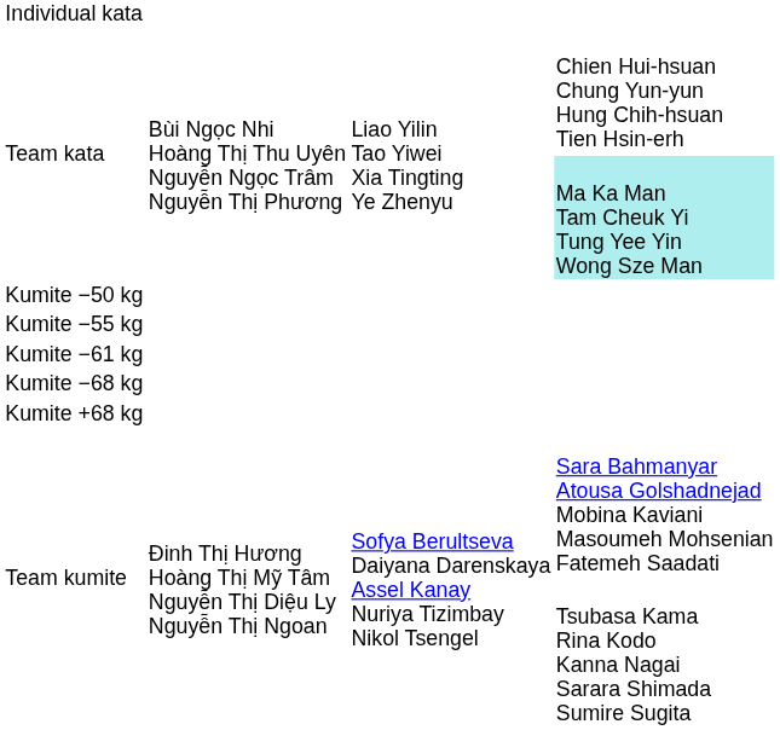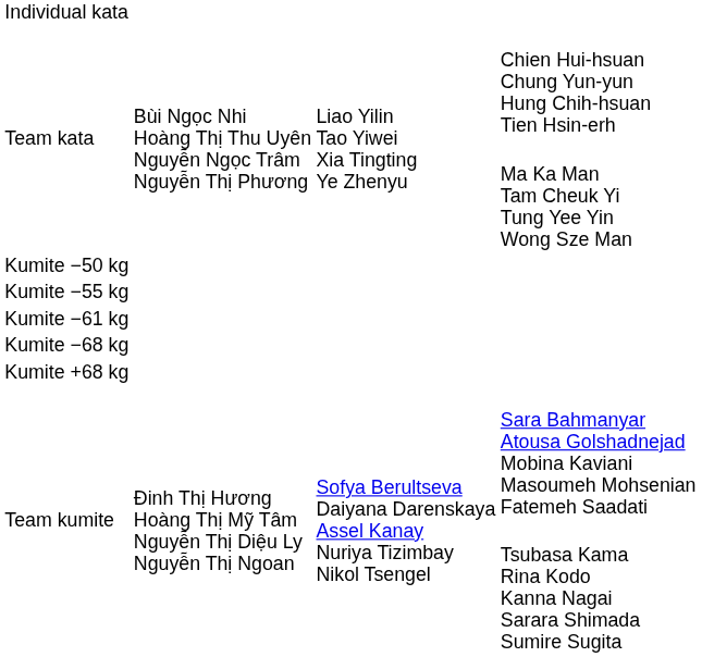 <table>
 <tr>
 <td rowspan=2>Individual kata</td>
 <td rowspan=2></td>
 <td rowspan=2></td>
 <td></td>
 </tr>
 <tr>
 <td></td>
 </tr>
 <tr>
 <td rowspan=2>Team kata</td>
 <td rowspan=2><br>Bùi Ngọc Nhi<br>Hoàng Thị Thu Uyên<br>Nguyễn Ngọc Trâm<br>Nguyễn Thị Phương</td>
 <td rowspan=2><br>Liao Yilin<br>Tao Yiwei<br>Xia Tingting<br>Ye Zhenyu</td>
 <td><br>Chien Hui-hsuan<br>Chung Yun-yun<br>Hung Chih-hsuan<br>Tien Hsin-erh</td>
 </tr>
 <tr>
-<td style="background: paleturquoise;"><br>Ma Ka Man<br>Tam Cheuk Yi<br>Tung Yee Yin<br>Wong Sze Man</td>
+<td><br>Ma Ka Man<br>Tam Cheuk Yi<br>Tung Yee Yin<br>Wong Sze Man</td>
 </tr>
 <tr>
 <td rowspan=2>Kumite −50 kg</td>
 <td rowspan=2></td>
 <td rowspan=2></td>
 <td></td>
 </tr>
 <tr>
 <td></td>
 </tr>
 <tr>
 <td rowspan=2>Kumite −55 kg</td>
 <td rowspan=2></td>
 <td rowspan=2></td>
 <td></td>
 </tr>
 <tr>
 <td></td>
 </tr>
 <tr>
 <td rowspan=2>Kumite −61 kg</td>
 <td rowspan=2></td>
 <td rowspan=2></td>
 <td></td>
 </tr>
 <tr>
 <td></td>
 </tr>
 <tr>
 <td rowspan=2>Kumite −68 kg</td>
 <td rowspan=2></td>
 <td rowspan=2></td>
 <td></td>
 </tr>
 <tr>
 <td></td>
 </tr>
 <tr>
 <td rowspan=2>Kumite +68 kg</td>
 <td rowspan=2></td>
 <td rowspan=2></td>
 <td></td>
 </tr>
 <tr>
 <td></td>
 </tr>
 <tr>
 <td rowspan=2>Team kumite</td>
 <td rowspan=2><br>Đinh Thị Hương<br>Hoàng Thị Mỹ Tâm<br>Nguyễn Thị Diệu Ly<br>Nguyễn Thị Ngoan</td>
 <td rowspan=2><br><a href='#'>Sofya Berultseva</a><br>Daiyana Darenskaya<br><a href='#'>Assel Kanay</a><br>Nuriya Tizimbay<br>Nikol Tsengel</td>
 <td><br><a href='#'>Sara Bahmanyar</a><br><a href='#'>Atousa Golshadnejad</a><br>Mobina Kaviani<br>Masoumeh Mohsenian<br>Fatemeh Saadati</td>
 </tr>
 <tr>
 <td><br>Tsubasa Kama<br>Rina Kodo<br>Kanna Nagai<br>Sarara Shimada<br>Sumire Sugita</td>
 </tr>
 </table>
